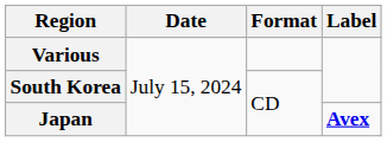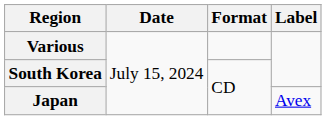 <table class="wikitable plainrowheaders">
 <tr>
 <th scope="col">Region</th>
 <th scope="col">Date</th>
 <th scope="col">Format</th>
 <th scope="col">Label</th>
 </tr>
 <tr>
 <th scope="row">Various</th>
 <td rowspan="3">July 15, 2024</td>
 <td></td>
 <td rowspan="2"></td>
 </tr>
 <tr>
 <th scope="row">South Korea</th>
 <td rowspan="2">CD</td>
 </tr>
 <tr>
 <th scope="row">Japan</th>
-<td><strong><a href='#'>Avex</a></strong></td>
+<td><a href='#'>Avex</a></td>
 </tr>
 </table>
